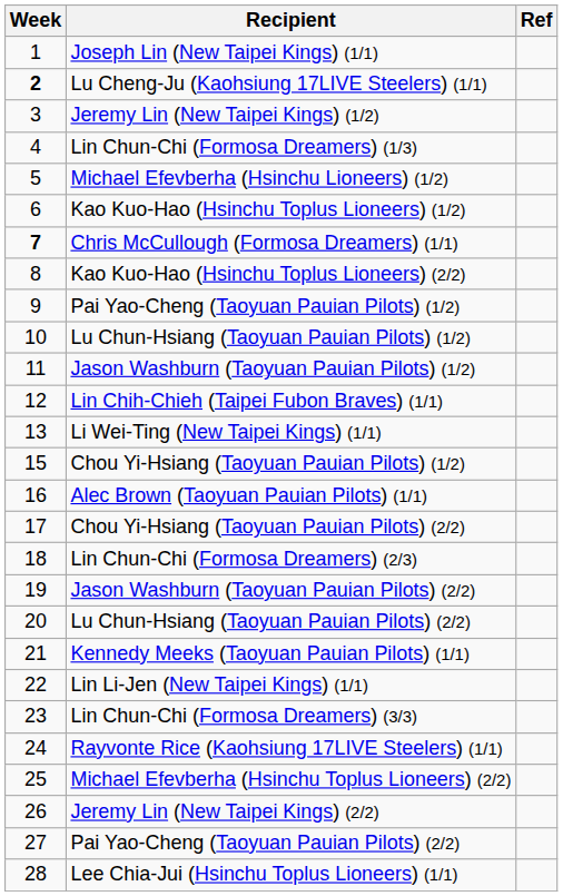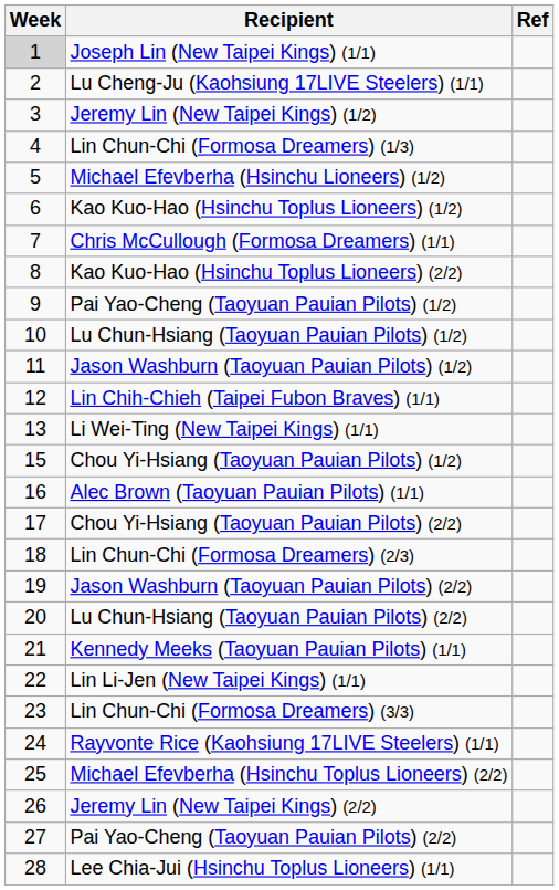 <table class="wikitable sortable" style="text-align:left;">
 <tr>
 <th>Week</th>
 <th>Recipient</th>
 <th class=unsortable>Ref</th>
 </tr>
 <tr>
-<td style="text-align:center;">1</td>
+<td style="background: lightgrey; text-align:center;">1</td>
 <td><a href='#'>Joseph Lin</a> (<a href='#'>New Taipei Kings</a>) <small>(1/1)</small></td>
 <td style="text-align:center;"></td>
 </tr>
 <tr>
-<td style="text-align:center;"><strong>2</strong></td>
+<td style="text-align:center;">2</td>
 <td>Lu Cheng-Ju (<a href='#'>Kaohsiung 17LIVE Steelers</a>) <small>(1/1)</small></td>
 <td style="text-align:center;"></td>
 </tr>
 <tr>
 <td style="text-align:center;">3</td>
 <td><a href='#'>Jeremy Lin</a> (<a href='#'>New Taipei Kings</a>) <small>(1/2)</small></td>
 <td style="text-align:center;"></td>
 </tr>
 <tr>
 <td style="text-align:center;">4</td>
 <td>Lin Chun-Chi (<a href='#'>Formosa Dreamers</a>) <small>(1/3)</small></td>
 <td style="text-align:center;"></td>
 </tr>
 <tr>
 <td style="text-align:center;">5</td>
 <td><a href='#'>Michael Efevberha</a> (<a href='#'>Hsinchu Lioneers</a>) <small>(1/2)</small></td>
 <td style="text-align:center;"></td>
 </tr>
 <tr>
 <td style="text-align:center;">6</td>
 <td>Kao Kuo-Hao (<a href='#'>Hsinchu Toplus Lioneers</a>) <small>(1/2)</small></td>
 <td style="text-align:center;"></td>
 </tr>
 <tr>
-<td style="text-align:center;"><strong>7</strong></td>
+<td style="text-align:center;">7</td>
 <td><a href='#'>Chris McCullough</a> (<a href='#'>Formosa Dreamers</a>) <small>(1/1)</small></td>
 <td style="text-align:center;"></td>
 </tr>
 <tr>
 <td style="text-align:center;">8</td>
 <td>Kao Kuo-Hao (<a href='#'>Hsinchu Toplus Lioneers</a>) <small>(2/2)</small></td>
 <td style="text-align:center;"></td>
 </tr>
 <tr>
 <td style="text-align:center;">9</td>
 <td>Pai Yao-Cheng (<a href='#'>Taoyuan Pauian Pilots</a>) <small>(1/2)</small></td>
 <td style="text-align:center;"></td>
 </tr>
 <tr>
 <td style="text-align:center;">10</td>
 <td>Lu Chun-Hsiang (<a href='#'>Taoyuan Pauian Pilots</a>) <small>(1/2)</small></td>
 <td style="text-align:center;"></td>
 </tr>
 <tr>
 <td style="text-align:center;">11</td>
 <td><a href='#'>Jason Washburn</a> (<a href='#'>Taoyuan Pauian Pilots</a>) <small>(1/2)</small></td>
 <td style="text-align:center;"></td>
 </tr>
 <tr>
 <td style="text-align:center;">12</td>
 <td><a href='#'>Lin Chih-Chieh</a> (<a href='#'>Taipei Fubon Braves</a>) <small>(1/1)</small></td>
 <td style="text-align:center;"></td>
 </tr>
 <tr>
 <td style="text-align:center;">13</td>
 <td>Li Wei-Ting (<a href='#'>New Taipei Kings</a>) <small>(1/1)</small></td>
 <td style="text-align:center;"></td>
 </tr>
 <tr>
 <td style="text-align:center;">15</td>
 <td>Chou Yi-Hsiang (<a href='#'>Taoyuan Pauian Pilots</a>) <small>(1/2)</small></td>
 <td style="text-align:center;"></td>
 </tr>
 <tr>
 <td style="text-align:center;">16</td>
 <td><a href='#'>Alec Brown</a> (<a href='#'>Taoyuan Pauian Pilots</a>) <small>(1/1)</small></td>
 <td style="text-align:center;"></td>
 </tr>
 <tr>
 <td style="text-align:center;">17</td>
 <td>Chou Yi-Hsiang (<a href='#'>Taoyuan Pauian Pilots</a>) <small>(2/2)</small></td>
 <td style="text-align:center;"></td>
 </tr>
 <tr>
 <td style="text-align:center;">18</td>
 <td>Lin Chun-Chi (<a href='#'>Formosa Dreamers</a>) <small>(2/3)</small></td>
 <td style="text-align:center;"></td>
 </tr>
 <tr>
 <td style="text-align:center;">19</td>
 <td><a href='#'>Jason Washburn</a> (<a href='#'>Taoyuan Pauian Pilots</a>) <small>(2/2)</small></td>
 <td style="text-align:center;"></td>
 </tr>
 <tr>
 <td style="text-align:center;">20</td>
 <td>Lu Chun-Hsiang (<a href='#'>Taoyuan Pauian Pilots</a>) <small>(2/2)</small></td>
 <td style="text-align:center;"></td>
 </tr>
 <tr>
 <td style="text-align:center;">21</td>
 <td><a href='#'>Kennedy Meeks</a> (<a href='#'>Taoyuan Pauian Pilots</a>) <small>(1/1)</small></td>
 <td style="text-align:center;"></td>
 </tr>
 <tr>
 <td style="text-align:center;">22</td>
 <td>Lin Li-Jen (<a href='#'>New Taipei Kings</a>) <small>(1/1)</small></td>
 <td style="text-align:center;"></td>
 </tr>
 <tr>
 <td style="text-align:center;">23</td>
 <td>Lin Chun-Chi (<a href='#'>Formosa Dreamers</a>) <small>(3/3)</small></td>
 <td style="text-align:center;"></td>
 </tr>
 <tr>
 <td style="text-align:center;">24</td>
 <td><a href='#'>Rayvonte Rice</a> (<a href='#'>Kaohsiung 17LIVE Steelers</a>) <small>(1/1)</small></td>
 <td style="text-align:center;"></td>
 </tr>
 <tr>
 <td style="text-align:center;">25</td>
 <td><a href='#'>Michael Efevberha</a> (<a href='#'>Hsinchu Toplus Lioneers</a>) <small>(2/2)</small></td>
 <td style="text-align:center;"></td>
 </tr>
 <tr>
 <td style="text-align:center;">26</td>
 <td><a href='#'>Jeremy Lin</a> (<a href='#'>New Taipei Kings</a>) <small>(2/2)</small></td>
 <td style="text-align:center;"></td>
 </tr>
 <tr>
 <td style="text-align:center;">27</td>
 <td>Pai Yao-Cheng (<a href='#'>Taoyuan Pauian Pilots</a>) <small>(2/2)</small></td>
 <td style="text-align:center;"></td>
 </tr>
 <tr>
 <td style="text-align:center;">28</td>
 <td>Lee Chia-Jui (<a href='#'>Hsinchu Toplus Lioneers</a>) <small>(1/1)</small></td>
 <td style="text-align:center;"></td>
 </tr>
 <tr>
 </tr>
 </table>
